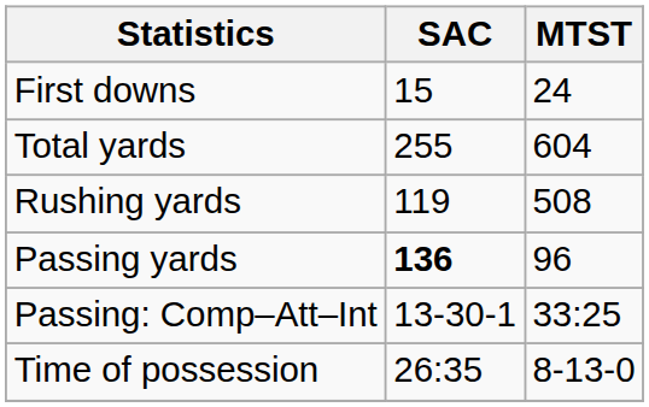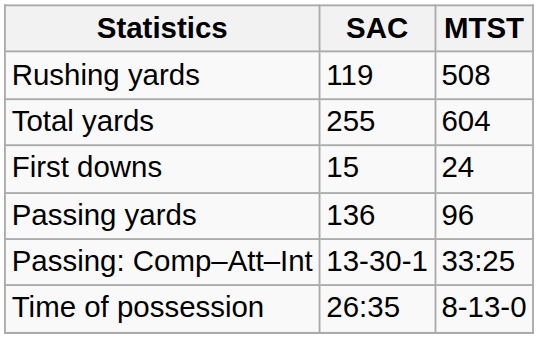 <table class="wikitable" style="float: left;">
 <tr>
 <th>Statistics</th>
 <th>SAC</th>
 <th>MTST</th>
 </tr>
 <tr>
-<td>First downs</td>
-<td>15</td>
-<td>24</td>
+<td>Rushing yards</td>
+<td>119</td>
+<td>508</td>
 </tr>
 <tr>
 <td>Total yards</td>
 <td>255</td>
 <td>604</td>
 </tr>
 <tr>
-<td>Rushing yards</td>
-<td>119</td>
-<td>508</td>
+<td>First downs</td>
+<td>15</td>
+<td>24</td>
 </tr>
 <tr>
 <td>Passing yards</td>
-<td><strong>136</strong></td>
+<td>136</td>
 <td>96</td>
 </tr>
 <tr>
 <td>Passing: Comp–Att–Int</td>
 <td>13-30-1</td>
 <td>33:25</td>
 </tr>
 <tr>
 <td>Time of possession</td>
 <td>26:35</td>
 <td>8-13-0</td>
 </tr>
 <tr>
 </tr>
 </table>
